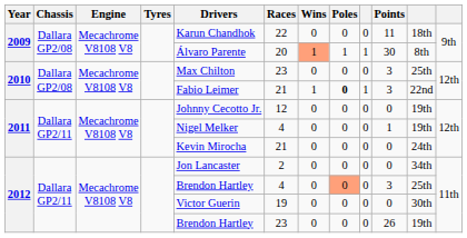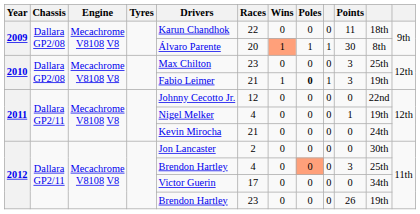 <table class="wikitable" style="text-align:center; font-size:85%">
 <tr>
 <th>Year</th>
 <th>Chassis</th>
 <th>Engine</th>
 <th>Tyres</th>
 <th>Drivers</th>
 <th>Races</th>
 <th>Wins</th>
 <th>Poles</th>
 <th></th>
 <th>Points</th>
 <th></th>
 <th></th>
 </tr>
 <tr>
 <th rowspan=2><a href='#'>2009</a></th>
 <td rowspan=2><a href='#'>Dallara</a><br><a href='#'>GP2/08</a></td>
 <td rowspan=2><a href='#'>Mecachrome</a><br><a href='#'>V8108</a> <a href='#'>V8</a></td>
 <td rowspan=2></td>
 <td align=left> <a href='#'>Karun Chandhok</a></td>
 <td>22</td>
 <td>0</td>
 <td>0</td>
 <td>0</td>
 <td>11</td>
 <td>18th</td>
 <td rowspan=2>9th</td>
 </tr>
 <tr>
 <td align=left> <a href='#'>Álvaro Parente</a></td>
 <td>20</td>
 <td style="background: lightsalmon;">1</td>
 <td>1</td>
 <td>1</td>
 <td>30</td>
 <td>8th</td>
 </tr>
 <tr>
 <th rowspan=2><a href='#'>2010</a></th>
 <td rowspan=2><a href='#'>Dallara</a><br><a href='#'>GP2/08</a></td>
 <td rowspan=2><a href='#'>Mecachrome</a><br><a href='#'>V8108</a> <a href='#'>V8</a></td>
 <td rowspan=2></td>
 <td align=left> <a href='#'>Max Chilton</a></td>
 <td>23</td>
 <td>0</td>
 <td>0</td>
 <td>0</td>
 <td>3</td>
 <td>25th</td>
 <td rowspan=2>12th</td>
 </tr>
 <tr>
 <td align=left> <a href='#'>Fabio Leimer</a></td>
 <td>21</td>
 <td>1</td>
 <td><strong>0</strong></td>
 <td>1</td>
 <td>3</td>
-<td>22nd</td>
+<td>19th</td>
 </tr>
 <tr>
 <th rowspan=3><a href='#'>2011</a></th>
 <td rowspan=3><a href='#'>Dallara</a><br><a href='#'>GP2/11</a></td>
 <td rowspan=3><a href='#'>Mecachrome</a><br><a href='#'>V8108</a> <a href='#'>V8</a></td>
 <td rowspan=3></td>
 <td align=left> <a href='#'>Johnny Cecotto Jr.</a></td>
 <td>12</td>
 <td>0</td>
 <td>0</td>
 <td>0</td>
 <td>0</td>
-<td>19th</td>
+<td>22nd</td>
 <td rowspan=3>12th</td>
 </tr>
 <tr>
 <td align=left> <a href='#'>Nigel Melker</a></td>
 <td>4</td>
 <td>0</td>
 <td>0</td>
 <td>0</td>
 <td>1</td>
 <td>19th</td>
 </tr>
 <tr>
 <td align=left> <a href='#'>Kevin Mirocha</a></td>
 <td>21</td>
 <td>0</td>
 <td>0</td>
 <td>0</td>
 <td>0</td>
 <td>24th</td>
 </tr>
 <tr>
 <th rowspan=4><a href='#'>2012</a></th>
 <td rowspan=4><a href='#'>Dallara</a><br><a href='#'>GP2/11</a></td>
 <td rowspan=4><a href='#'>Mecachrome</a><br><a href='#'>V8108</a> <a href='#'>V8</a></td>
 <td rowspan=4></td>
 <td align=left> <a href='#'>Jon Lancaster</a></td>
 <td>2</td>
 <td>0</td>
 <td>0</td>
 <td>0</td>
 <td>0</td>
-<td>34th</td>
+<td>30th</td>
 <td rowspan=4>11th</td>
 </tr>
 <tr>
 <td align=left> <a href='#'>Brendon Hartley</a></td>
 <td>4</td>
 <td>0</td>
 <td style="background: lightsalmon;">0</td>
 <td>0</td>
 <td>3</td>
 <td>25th</td>
 </tr>
 <tr>
 <td align=left> <a href='#'>Victor Guerin</a></td>
-<td>19</td>
+<td>17</td>
 <td>0</td>
 <td>0</td>
 <td>0</td>
 <td>0</td>
-<td>30th</td>
+<td>34th</td>
 </tr>
 <tr>
 <td align=left> <a href='#'>Brendon Hartley</a></td>
 <td>23</td>
 <td>0</td>
 <td>0</td>
 <td>0</td>
 <td>26</td>
 <td>19th</td>
 </tr>
 </table>
